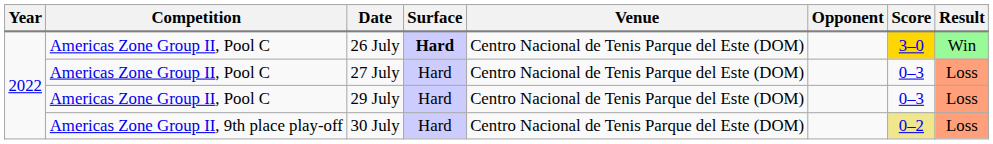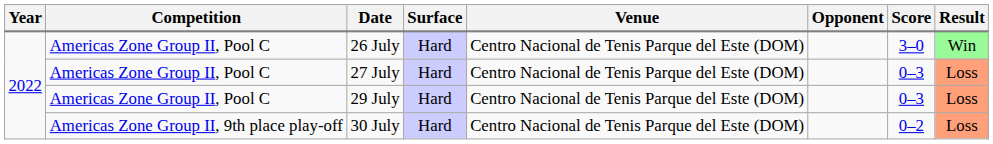 <table class="wikitable sortable">
 <tr>
 <th scope="col">Year</th>
 <th scope="col">Competition</th>
 <th scope="col">Date</th>
 <th scope="col">Surface</th>
 <th scope="col">Venue</th>
 <th scope="col">Opponent</th>
 <th scope="col">Score</th>
 <th scope="col">Result</th>
 </tr>
 <tr style="border-top:2px solid gray;">
 <td align="center" rowspan="4"><a href='#'>2022</a></td>
 <td><a href='#'>Americas Zone Group II</a>, Pool C</td>
 <td>26 July</td>
-<td align="center" bgcolor=ccccff><strong>Hard</strong></td>
+<td align="center" bgcolor=ccccff>Hard</td>
 <td>Centro Nacional de Tenis Parque del Este (DOM)</td>
 <td></td>
-<td align="center" style="background: gold;"><a href='#'>3–0</a></td>
+<td align="center"><a href='#'>3–0</a></td>
 <td align="center" bgcolor="#98FB98">Win</td>
 </tr>
 <tr>
 <td><a href='#'>Americas Zone Group II</a>, Pool C</td>
 <td>27 July</td>
 <td align="center" bgcolor=ccccff>Hard</td>
 <td>Centro Nacional de Tenis Parque del Este (DOM)</td>
 <td></td>
 <td align="center"><a href='#'>0–3</a></td>
 <td align="center" bgcolor="#FFA07A">Loss</td>
 </tr>
 <tr>
 <td><a href='#'>Americas Zone Group II</a>, Pool C</td>
 <td>29 July</td>
 <td align="center" bgcolor=ccccff>Hard</td>
 <td>Centro Nacional de Tenis Parque del Este (DOM)</td>
 <td></td>
 <td align="center"><a href='#'>0–3</a></td>
 <td align="center" bgcolor="#FFA07A">Loss</td>
 </tr>
 <tr>
 <td><a href='#'>Americas Zone Group II</a>, 9th place play-off</td>
 <td>30 July</td>
 <td align="center" bgcolor=ccccff>Hard</td>
 <td>Centro Nacional de Tenis Parque del Este (DOM)</td>
 <td></td>
-<td align="center" style="background: khaki;"><a href='#'>0–2</a></td>
+<td align="center"><a href='#'>0–2</a></td>
 <td align="center" bgcolor="#FFA07A">Loss</td>
 </tr>
 </table>
